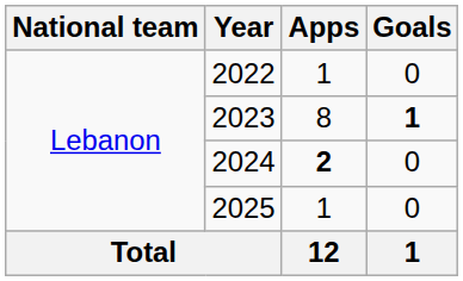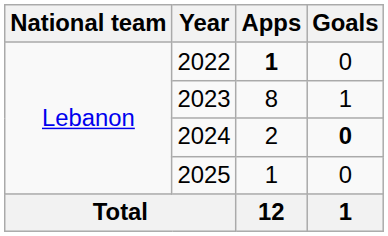 <table class="wikitable" style="text-align:center">
 <tr>
 <th>National team</th>
 <th>Year</th>
 <th>Apps</th>
 <th>Goals</th>
 </tr>
 <tr>
 <td rowspan="4"><a href='#'>Lebanon</a></td>
 <td>2022</td>
-<td>1</td>
+<td><strong>1</strong></td>
 <td>0</td>
 </tr>
 <tr>
 <td>2023</td>
 <td>8</td>
-<td><strong>1</strong></td>
+<td>1</td>
 </tr>
 <tr>
 <td>2024</td>
-<td><strong>2</strong></td>
-<td>0</td>
+<td>2</td>
+<td><strong>0</strong></td>
 </tr>
 <tr>
 <td>2025</td>
 <td>1</td>
 <td>0</td>
 </tr>
 <tr>
 <th colspan="2">Total</th>
 <th>12</th>
 <th>1</th>
 </tr>
 </table>
